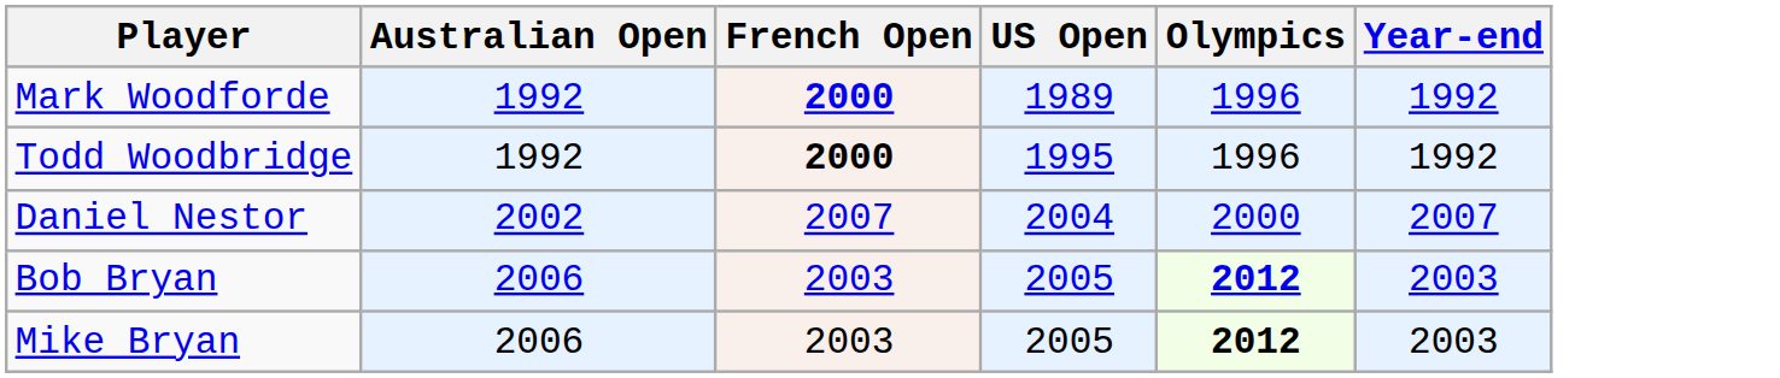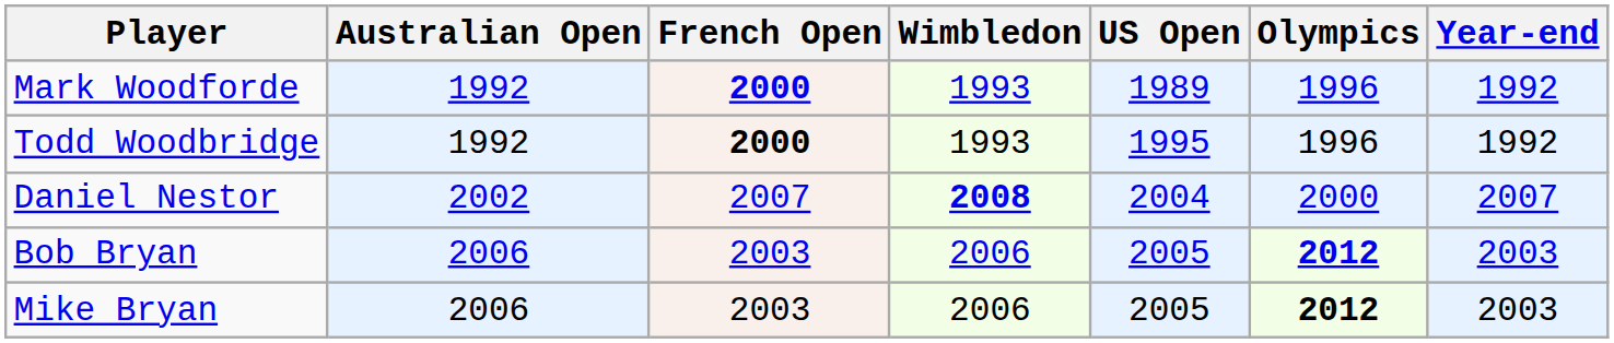 <table class="wikitable nowrap" style="text-align:center">
 <tr>
 <th>Player</th>
 <th>Australian Open</th>
 <th>French Open</th>
+<th>Wimbledon</th>
 <th>US Open</th>
 <th>Olympics</th>
 <th><a href='#'>Year-end</a></th>
 </tr>
 <tr>
 <td style="text-align: left;"> <a href='#'>Mark Woodforde</a></td>
 <td style="background: #e6f2ff;"><a href='#'>1992</a></td>
 <td style="background: #f9f0eb;"><strong><a href='#'>2000</a></strong></td>
+<td style="background: #f2ffe6;"><a href='#'>1993</a></td>
 <td style="background: #e6f2ff;"><a href='#'>1989</a></td>
 <td style="background: #e6f2ff;"><a href='#'>1996</a></td>
 <td style="background: #e6f2ff;"><a href='#'>1992</a></td>
 </tr>
 <tr>
 <td style="text-align: left;"> <a href='#'>Todd Woodbridge</a></td>
 <td style="background: #e6f2ff;">1992</td>
 <td style="background: #f9f0eb;"><strong>2000</strong></td>
+<td style="background: #f2ffe6;">1993</td>
 <td style="background: #e6f2ff;"><a href='#'>1995</a></td>
 <td style="background: #e6f2ff;">1996</td>
 <td style="background: #e6f2ff;">1992</td>
 </tr>
 <tr>
 <td style="text-align: left;"> <a href='#'>Daniel Nestor</a></td>
 <td style="background: #e6f2ff;"><a href='#'>2002</a></td>
 <td style="background: #f9f0eb;"><a href='#'>2007</a></td>
+<td style="background: #f2ffe6;"><strong><a href='#'>2008</a></strong></td>
 <td style="background: #e6f2ff;"><a href='#'>2004</a></td>
 <td style="background: #e6f2ff;"><a href='#'>2000</a></td>
 <td style="background: #e6f2ff;"><a href='#'>2007</a></td>
 </tr>
 <tr>
 <td style="text-align: left;"> <a href='#'>Bob Bryan</a></td>
 <td style="background: #e6f2ff;"><a href='#'>2006</a></td>
 <td style="background: #f9f0eb;"><a href='#'>2003</a></td>
+<td style="background: #f2ffe6;"><a href='#'>2006</a></td>
 <td style="background: #e6f2ff;"><a href='#'>2005</a></td>
 <td style="background: #f2ffe6;"><strong><a href='#'>2012</a></strong></td>
 <td style="background: #e6f2ff;"><a href='#'>2003</a></td>
 </tr>
 <tr>
 <td style="text-align: left;"> <a href='#'>Mike Bryan</a></td>
 <td style="background: #e6f2ff;">2006</td>
 <td style="background: #f9f0eb;">2003</td>
+<td style="background: #f2ffe6;">2006</td>
 <td style="background: #e6f2ff;">2005</td>
 <td style="background: #f2ffe6;"><strong>2012</strong></td>
 <td style="background: #e6f2ff;">2003</td>
 </tr>
 </table>
